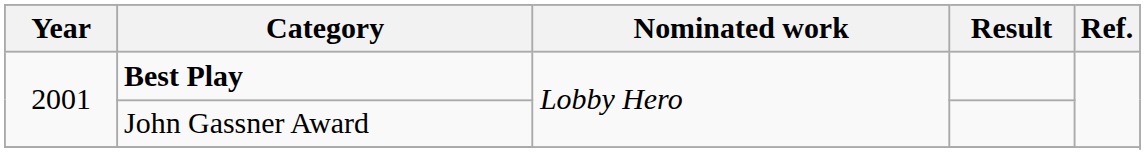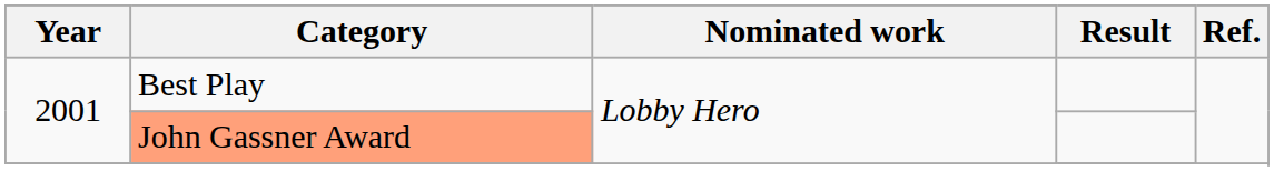 <table class=wikitable>
 <tr>
 <th scope="col" style="width:5em;">Year</th>
 <th scope="col" style="width:26em;">Category</th>
 <th scope="col" style="width:25em;">Nominated work</th>
 <th scope="col" style="width:5em;">Result</th>
 <th>Ref.</th>
 </tr>
 <tr>
 <td style="text-align:center;", rowspan=2>2001</td>
-<td><strong>Best Play</strong></td>
+<td>Best Play</td>
 <td rowspan=3><em>Lobby Hero</em></td>
 <td></td>
 </tr>
 <tr>
-<td>John Gassner Award</td>
+<td style="background: lightsalmon;">John Gassner Award</td>
 <td></td>
 </tr>
 <tr>
 </tr>
 </table>
